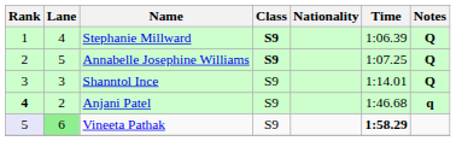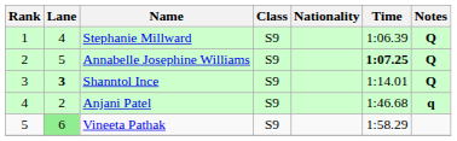 <table class="wikitable sortable" style="text-align:center">
 <tr>
 <th>Rank</th>
 <th>Lane</th>
 <th>Name</th>
 <th>Class</th>
 <th>Nationality</th>
 <th>Time</th>
 <th>Notes</th>
 </tr>
 <tr bgcolor=ccffcc>
 <td>1</td>
 <td>4</td>
 <td align=left><a href='#'>Stephanie Millward</a></td>
-<td><strong>S9</strong></td>
+<td>S9</td>
 <td align=left></td>
 <td>1:06.39</td>
 <td><strong>Q</strong></td>
 </tr>
 <tr bgcolor=ccffcc>
 <td>2</td>
 <td>5</td>
 <td align=left><a href='#'>Annabelle Josephine Williams</a></td>
-<td><strong>S9</strong></td>
+<td>S9</td>
 <td align=left></td>
-<td>1:07.25</td>
+<td><strong>1:07.25</strong></td>
 <td><strong>Q</strong></td>
 </tr>
 <tr bgcolor=ccffcc>
 <td>3</td>
-<td>3</td>
+<td><strong>3</strong></td>
 <td align=left><a href='#'>Shanntol Ince</a></td>
 <td>S9</td>
 <td align=left></td>
 <td>1:14.01</td>
 <td><strong>Q</strong></td>
 </tr>
 <tr bgcolor=ccffcc>
-<td><strong>4</strong></td>
+<td>4</td>
 <td>2</td>
 <td align=left><a href='#'>Anjani Patel</a></td>
 <td>S9</td>
 <td align=left></td>
 <td>1:46.68</td>
 <td><strong>q</strong></td>
 </tr>
 <tr>
-<td style="background: lavender;">5</td>
+<td>5</td>
 <td style="background: lightgreen;">6</td>
 <td align=left><a href='#'>Vineeta Pathak</a></td>
 <td>S9</td>
 <td align=left></td>
-<td><strong>1:58.29</strong></td>
+<td>1:58.29</td>
 <td></td>
 </tr>
 <tr>
 </tr>
 </table>
